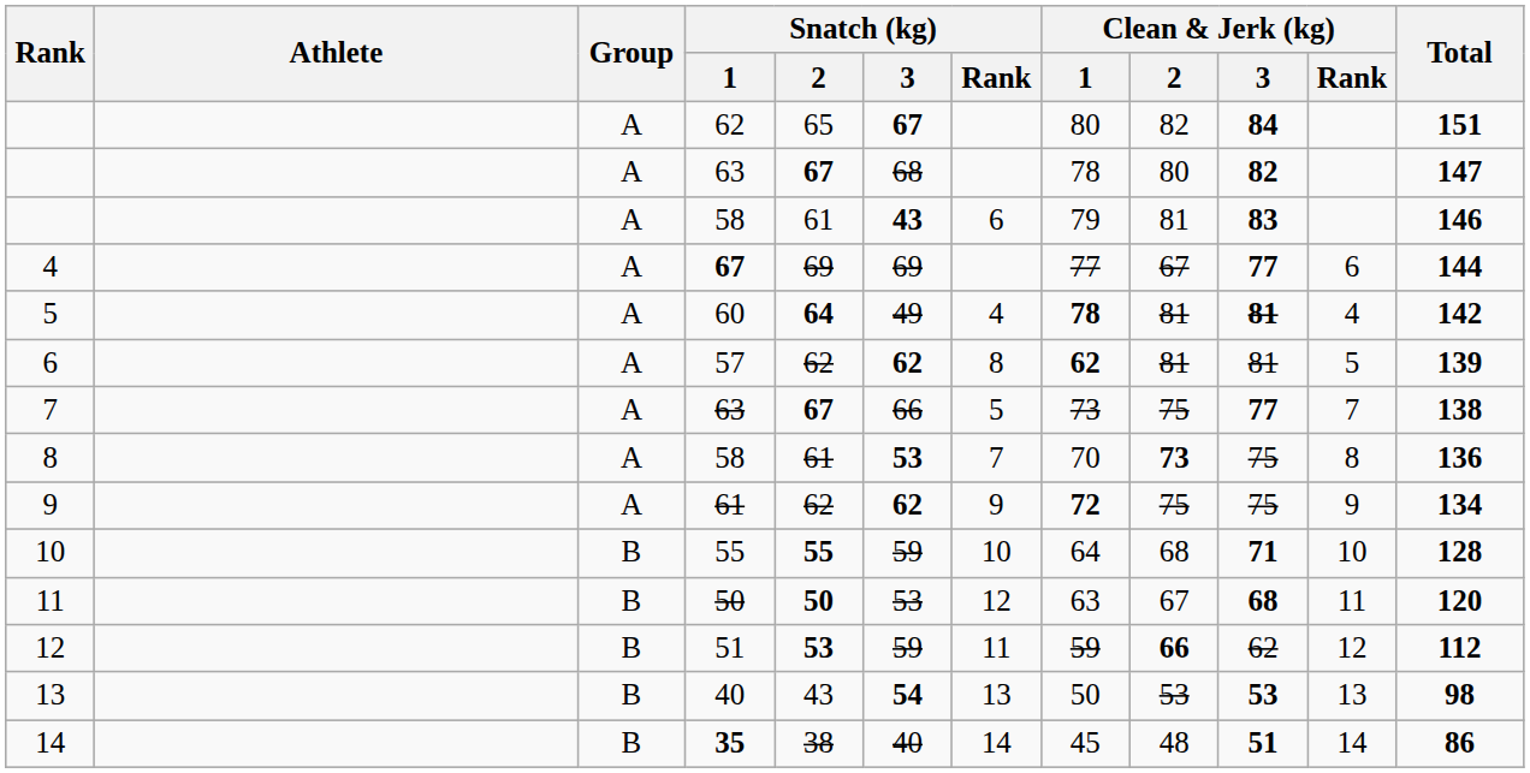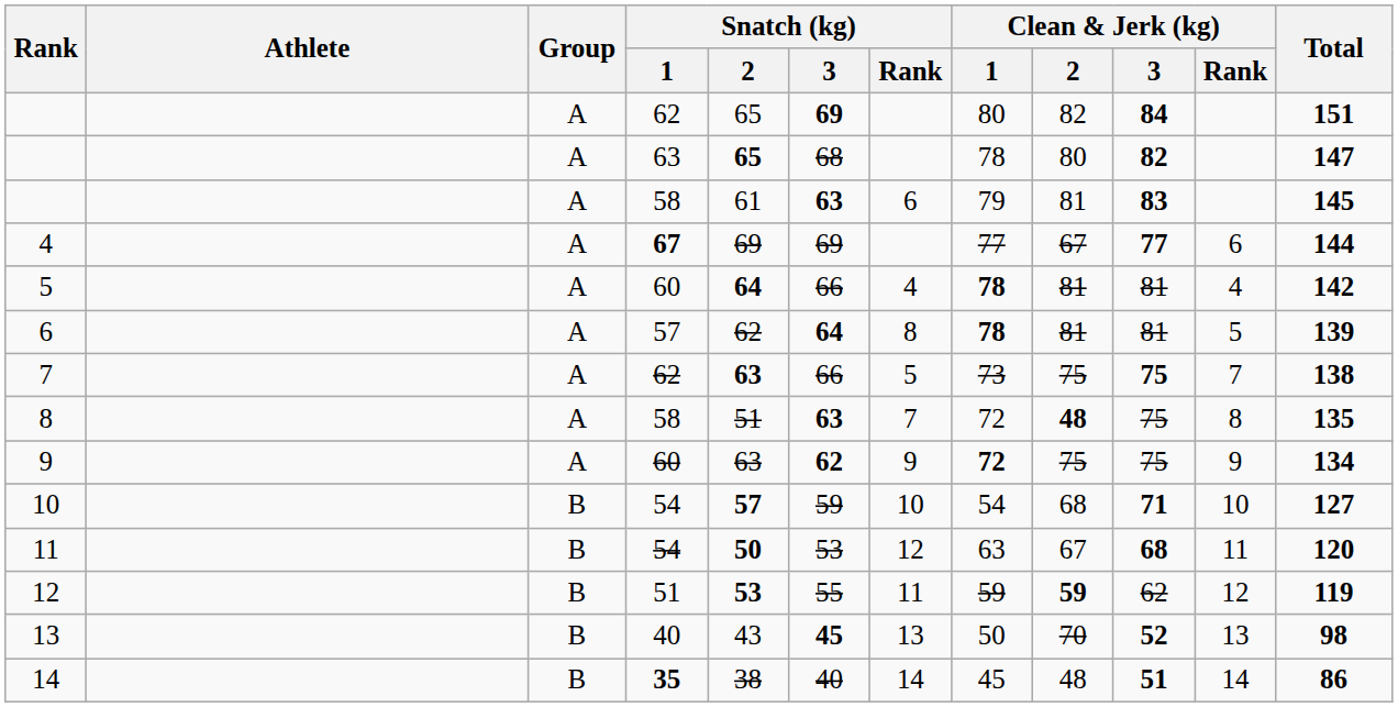 <table class = "wikitable" style="text-align:center;">
 <tr>
 <th rowspan=2 width=40>Rank</th>
 <th rowspan=2 width=250>Athlete</th>
 <th rowspan=2 width=50>Group</th>
 <th colspan=4>Snatch (kg)</th>
 <th colspan=4>Clean & Jerk (kg)</th>
 <th rowspan=2 width=60>Total</th>
 </tr>
 <tr>
 <th width=40>1</th>
 <th width=40>2</th>
 <th width=40>3</th>
 <th width=40>Rank</th>
 <th width=40>1</th>
 <th width=40>2</th>
 <th width=40>3</th>
 <th width=40>Rank</th>
 </tr>
 <tr>
 <td></td>
 <td align=left></td>
 <td>A</td>
 <td>62</td>
 <td>65</td>
-<td><strong>67</strong></td>
+<td><strong>69</strong></td>
 <td></td>
 <td>80</td>
 <td>82</td>
 <td><strong>84</strong></td>
 <td></td>
 <td><strong>151</strong></td>
 </tr>
 <tr>
 <td></td>
 <td align=left></td>
 <td>A</td>
 <td>63</td>
-<td><strong>67</strong></td>
+<td><strong>65</strong></td>
 <td><s>68</s></td>
 <td></td>
 <td>78</td>
 <td>80</td>
 <td><strong>82</strong></td>
 <td></td>
 <td><strong>147</strong></td>
 </tr>
 <tr>
 <td></td>
 <td align=left></td>
 <td>A</td>
 <td>58</td>
 <td>61</td>
-<td><strong>43</strong></td>
+<td><strong>63</strong></td>
 <td>6</td>
 <td>79</td>
 <td>81</td>
 <td><strong>83</strong></td>
 <td></td>
-<td><strong>146</strong></td>
+<td><strong>145</strong></td>
 </tr>
 <tr>
 <td>4</td>
 <td align=left></td>
 <td>A</td>
 <td><strong>67</strong></td>
 <td><s>69</s></td>
 <td><s>69</s></td>
 <td></td>
 <td><s>77</s></td>
 <td><s>67</s></td>
 <td><strong>77</strong></td>
 <td>6</td>
 <td><strong>144</strong></td>
 </tr>
 <tr>
 <td>5</td>
 <td align=left></td>
 <td>A</td>
 <td>60</td>
 <td><strong>64</strong></td>
-<td><s>49</s></td>
+<td><s>66</s></td>
 <td>4</td>
 <td><strong>78</strong></td>
 <td><s>81</s></td>
-<td><strong><s>81</s></strong></td>
+<td><s>81</s></td>
 <td>4</td>
 <td><strong>142</strong></td>
 </tr>
 <tr>
 <td>6</td>
 <td align=left></td>
 <td>A</td>
 <td>57</td>
 <td><s>62</s></td>
-<td><strong>62</strong></td>
+<td><strong>64</strong></td>
 <td>8</td>
-<td><strong>62</strong></td>
+<td><strong>78</strong></td>
 <td><s>81</s></td>
 <td><s>81</s></td>
 <td>5</td>
 <td><strong>139</strong></td>
 </tr>
 <tr>
 <td>7</td>
 <td align=left></td>
 <td>A</td>
-<td><s>63</s></td>
-<td><strong>67</strong></td>
+<td><s>62</s></td>
+<td><strong>63</strong></td>
 <td><s>66</s></td>
 <td>5</td>
 <td><s>73</s></td>
 <td><s>75</s></td>
-<td><strong>77</strong></td>
+<td><strong>75</strong></td>
 <td>7</td>
 <td><strong>138</strong></td>
 </tr>
 <tr>
 <td>8</td>
 <td align=left></td>
 <td>A</td>
 <td>58</td>
-<td><s>61</s></td>
-<td><strong>53</strong></td>
+<td><s>51</s></td>
+<td><strong>63</strong></td>
 <td>7</td>
-<td>70</td>
-<td><strong>73</strong></td>
+<td>72</td>
+<td><strong>48</strong></td>
 <td><s>75</s></td>
 <td>8</td>
-<td><strong>136</strong></td>
+<td><strong>135</strong></td>
 </tr>
 <tr>
 <td>9</td>
 <td align=left></td>
 <td>A</td>
-<td><s>61</s></td>
-<td><s>62</s></td>
+<td><s>60</s></td>
+<td><s>63</s></td>
 <td><strong>62</strong></td>
 <td>9</td>
 <td><strong>72</strong></td>
 <td><s>75</s></td>
 <td><s>75</s></td>
 <td>9</td>
 <td><strong>134</strong></td>
 </tr>
 <tr>
 <td>10</td>
 <td align=left></td>
 <td>B</td>
-<td>55</td>
-<td><strong>55</strong></td>
+<td>54</td>
+<td><strong>57</strong></td>
 <td><s>59</s></td>
 <td>10</td>
-<td>64</td>
+<td>54</td>
 <td>68</td>
 <td><strong>71</strong></td>
 <td>10</td>
-<td><strong>128</strong></td>
+<td><strong>127</strong></td>
 </tr>
 <tr>
 <td>11</td>
 <td align=left></td>
 <td>B</td>
-<td><s>50</s></td>
+<td><s>54</s></td>
 <td><strong>50</strong></td>
 <td><s>53</s></td>
 <td>12</td>
 <td>63</td>
 <td>67</td>
 <td><strong>68</strong></td>
 <td>11</td>
 <td><strong>120</strong></td>
 </tr>
 <tr>
 <td>12</td>
 <td align=left></td>
 <td>B</td>
 <td>51</td>
 <td><strong>53</strong></td>
-<td><s>59</s></td>
+<td><s>55</s></td>
 <td>11</td>
 <td><s>59</s></td>
-<td><strong>66</strong></td>
+<td><strong>59</strong></td>
 <td><s>62</s></td>
 <td>12</td>
-<td><strong>112</strong></td>
+<td><strong>119</strong></td>
 </tr>
 <tr>
 <td>13</td>
 <td align=left></td>
 <td>B</td>
 <td>40</td>
 <td>43</td>
-<td><strong>54</strong></td>
+<td><strong>45</strong></td>
 <td>13</td>
 <td>50</td>
-<td><s>53</s></td>
-<td><strong>53</strong></td>
+<td><s>70</s></td>
+<td><strong>52</strong></td>
 <td>13</td>
 <td><strong>98</strong></td>
 </tr>
 <tr>
 <td>14</td>
 <td align=left></td>
 <td>B</td>
 <td><strong>35</strong></td>
 <td><s>38</s></td>
 <td><s>40</s></td>
 <td>14</td>
 <td>45</td>
 <td>48</td>
 <td><strong>51</strong></td>
 <td>14</td>
 <td><strong>86</strong></td>
 </tr>
 </table>
